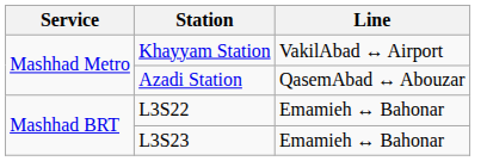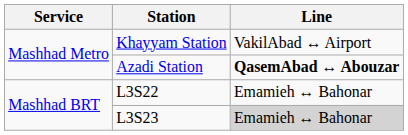 <table class="wikitable">
 <tr>
 <th>Service</th>
 <th>Station</th>
 <th>Line</th>
 </tr>
 <tr>
 <td rowspan="2"><a href='#'>Mashhad Metro</a></td>
 <td><a href='#'>Khayyam Station</a> </td>
 <td> VakilAbad ↔ Airport</td>
 </tr>
 <tr>
 <td><a href='#'>Azadi Station</a> </td>
-<td> QasemAbad ↔ Abouzar</td>
+<td><strong> QasemAbad ↔ Abouzar</strong></td>
 </tr>
 <tr>
 <td rowspan="2"><a href='#'>Mashhad BRT</a></td>
 <td>L3S22</td>
 <td>Emamieh ↔ Bahonar</td>
 </tr>
 <tr>
 <td>L3S23</td>
-<td>Emamieh ↔ Bahonar</td>
+<td style="background: lightgrey;">Emamieh ↔ Bahonar</td>
 </tr>
 </table>
